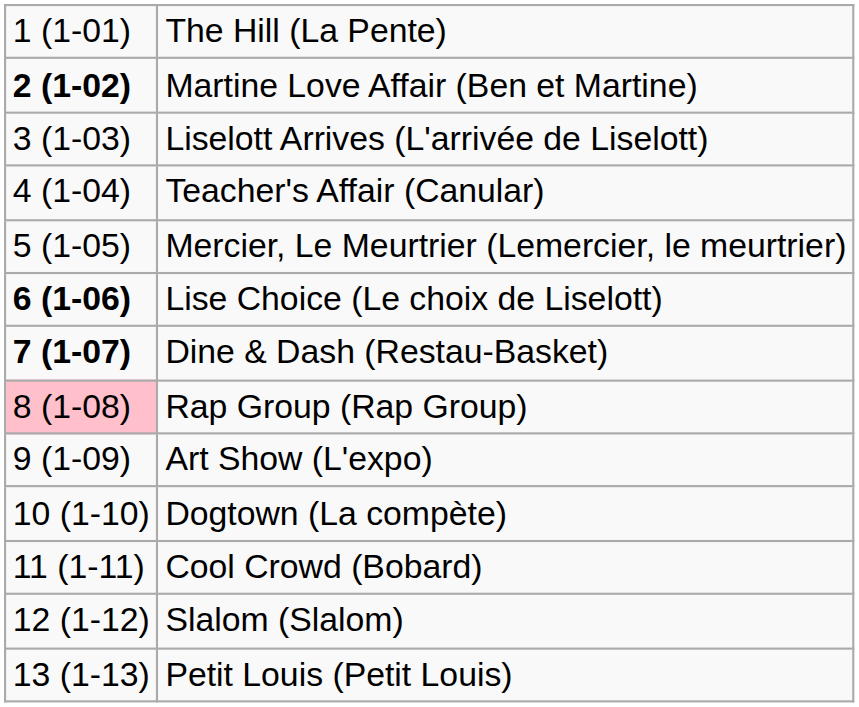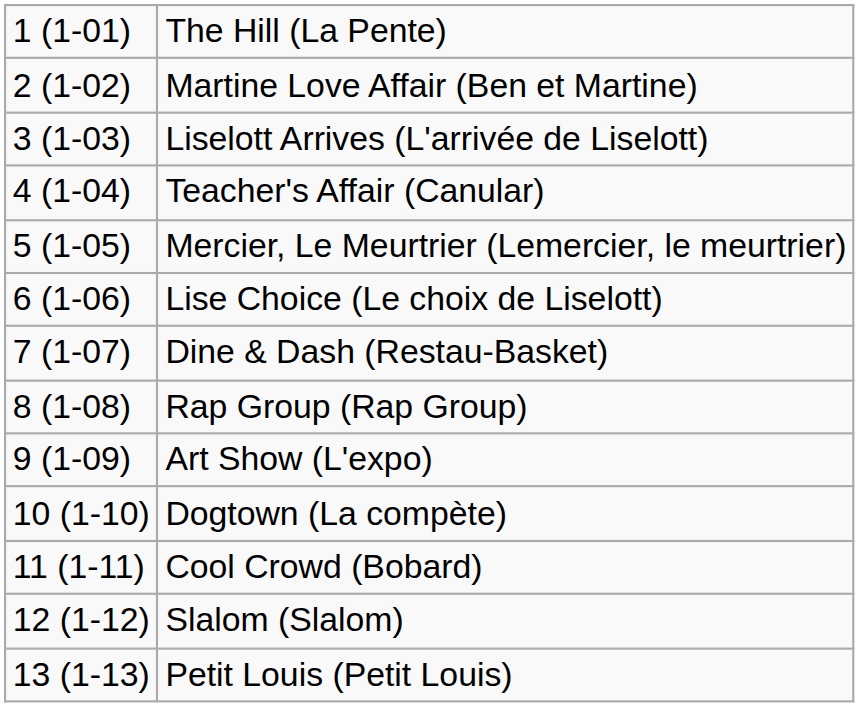 <table class="wikitable">
 <tr>
 <td>1 (1-01)</td>
 <td>The Hill (La Pente)</td>
 </tr>
 <tr>
-<td><strong>2 (1-02)</strong></td>
+<td>2 (1-02)</td>
 <td>Martine Love Affair (Ben et Martine)</td>
 </tr>
 <tr>
 <td>3 (1-03)</td>
 <td>Liselott Arrives (L'arrivée de Liselott)</td>
 </tr>
 <tr>
 <td>4 (1-04)</td>
 <td>Teacher's Affair (Canular)</td>
 </tr>
 <tr>
 <td>5 (1-05)</td>
 <td>Mercier, Le Meurtrier (Lemercier, le meurtrier)</td>
 </tr>
 <tr>
-<td><strong>6 (1-06)</strong></td>
+<td>6 (1-06)</td>
 <td>Lise Choice (Le choix de Liselott)</td>
 </tr>
 <tr>
-<td><strong>7 (1-07)</strong></td>
+<td>7 (1-07)</td>
 <td>Dine & Dash (Restau-Basket)</td>
 </tr>
 <tr>
-<td style="background: pink;">8 (1-08)</td>
+<td>8 (1-08)</td>
 <td>Rap Group (Rap Group)</td>
 </tr>
 <tr>
 <td>9 (1-09)</td>
 <td>Art Show (L'expo)</td>
 </tr>
 <tr>
 <td>10 (1-10)</td>
 <td>Dogtown (La compète)</td>
 </tr>
 <tr>
 <td>11 (1-11)</td>
 <td>Cool Crowd (Bobard)</td>
 </tr>
 <tr>
 <td>12 (1-12)</td>
 <td>Slalom (Slalom)</td>
 </tr>
 <tr>
 <td>13 (1-13)</td>
 <td>Petit Louis (Petit Louis)</td>
 </tr>
 </table>
